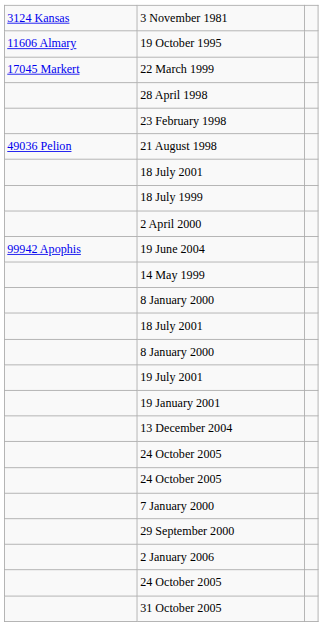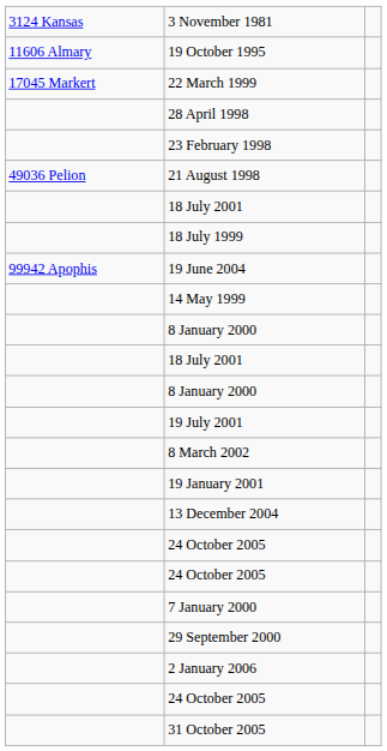 <table class="wikitable" style="font-size: 89%; float: left; width: 26em; margin-right: 1em; line-height: 1.65em !important; height: 675px;">
 <tr>
 <td><a href='#'>3124 Kansas</a></td>
 <td>3 November 1981</td>
 <td></td>
 </tr>
 <tr>
 <td><a href='#'>11606 Almary</a></td>
 <td>19 October 1995</td>
 <td></td>
 </tr>
 <tr>
 <td><a href='#'>17045 Markert</a></td>
 <td>22 March 1999</td>
 <td></td>
 </tr>
 <tr>
 <td></td>
 <td>28 April 1998</td>
 <td> </td>
 </tr>
 <tr>
 <td></td>
 <td>23 February 1998</td>
 <td> </td>
 </tr>
 <tr>
 <td><a href='#'>49036 Pelion</a></td>
 <td>21 August 1998</td>
 <td> </td>
 </tr>
 <tr>
 <td></td>
 <td>18 July 2001</td>
 <td></td>
 </tr>
 <tr>
 <td></td>
 <td>18 July 1999</td>
 <td> </td>
 </tr>
 <tr>
-<td></td>
-<td>2 April 2000</td>
-<td> </td>
-</tr>
-<tr>
 <td><a href='#'>99942 Apophis</a></td>
 <td>19 June 2004</td>
 <td> </td>
 </tr>
 <tr>
 <td></td>
 <td>14 May 1999</td>
 <td> </td>
 </tr>
 <tr>
 <td></td>
 <td>8 January 2000</td>
 <td> </td>
 </tr>
 <tr>
 <td></td>
 <td>18 July 2001</td>
 <td></td>
 </tr>
 <tr>
 <td></td>
 <td>8 January 2000</td>
 <td> </td>
 </tr>
 <tr>
 <td></td>
 <td>19 July 2001</td>
+<td></td>
+</tr>
+<tr>
+<td></td>
+<td>8 March 2002</td>
 <td></td>
 </tr>
 <tr>
 <td></td>
 <td>19 January 2001</td>
 <td></td>
 </tr>
 <tr>
 <td></td>
 <td>13 December 2004</td>
 <td></td>
 </tr>
 <tr>
 <td></td>
 <td>24 October 2005</td>
 <td></td>
 </tr>
 <tr>
 <td></td>
 <td>24 October 2005</td>
 <td></td>
 </tr>
 <tr>
 <td></td>
 <td>7 January 2000</td>
 <td> </td>
 </tr>
 <tr>
 <td></td>
 <td>29 September 2000</td>
 <td></td>
 </tr>
 <tr>
 <td></td>
 <td>2 January 2006</td>
 <td></td>
 </tr>
 <tr>
 <td></td>
 <td>24 October 2005</td>
 <td></td>
 </tr>
 <tr>
 <td></td>
 <td>31 October 2005</td>
 <td></td>
 </tr>
 </table>
